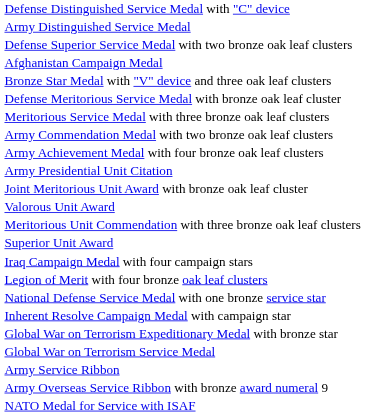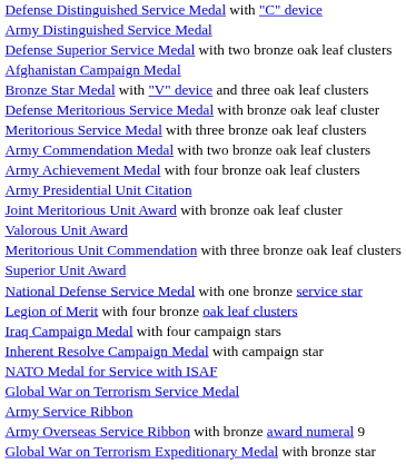 <table>
 <tr>
 <td><span></span> <a href='#'>Defense Distinguished Service Medal</a> with <a href='#'>"C" device</a></td>
 </tr>
 <tr>
 <td> <a href='#'>Army Distinguished Service Medal</a></td>
 </tr>
 <tr>
 <td> <a href='#'>Defense Superior Service Medal</a> with two bronze oak leaf clusters</td>
 </tr>
 <tr>
 <td> <a href='#'>Afghanistan Campaign Medal</a></td>
 </tr>
 <tr>
 <td> <a href='#'>Bronze Star Medal</a> with <a href='#'>"V" device</a> and three oak leaf clusters</td>
 </tr>
 <tr>
 <td> <a href='#'>Defense Meritorious Service Medal</a> with bronze oak leaf cluster</td>
 </tr>
 <tr>
 <td> <a href='#'>Meritorious Service Medal</a> with three bronze oak leaf clusters</td>
 </tr>
 <tr>
 <td> <a href='#'>Army Commendation Medal</a> with two bronze oak leaf clusters</td>
 </tr>
 <tr>
 <td> <a href='#'>Army Achievement Medal</a> with four bronze oak leaf clusters</td>
 </tr>
 <tr>
 <td> <a href='#'>Army Presidential Unit Citation</a></td>
 </tr>
 <tr>
 <td> <a href='#'>Joint Meritorious Unit Award</a> with bronze oak leaf cluster</td>
 </tr>
 <tr>
 <td> <a href='#'>Valorous Unit Award</a></td>
 </tr>
 <tr>
 <td> <a href='#'>Meritorious Unit Commendation</a> with three bronze oak leaf clusters</td>
 </tr>
 <tr>
 <td> <a href='#'>Superior Unit Award</a></td>
 </tr>
 <tr>
-<td> <a href='#'>Iraq Campaign Medal</a> with four campaign stars</td>
+<td> <a href='#'>National Defense Service Medal</a> with one bronze <a href='#'>service star</a></td>
 </tr>
 <tr>
 <td> <a href='#'>Legion of Merit</a> with four bronze <a href='#'>oak leaf clusters</a></td>
 </tr>
 <tr>
-<td> <a href='#'>National Defense Service Medal</a> with one bronze <a href='#'>service star</a></td>
+<td> <a href='#'>Iraq Campaign Medal</a> with four campaign stars</td>
 </tr>
 <tr>
 <td> <a href='#'>Inherent Resolve Campaign Medal</a> with campaign star</td>
 </tr>
 <tr>
-<td> <a href='#'>Global War on Terrorism Expeditionary Medal</a> with bronze star</td>
+<td> <a href='#'>NATO Medal for Service with ISAF</a></td>
 </tr>
 <tr>
 <td> <a href='#'>Global War on Terrorism Service Medal</a></td>
 </tr>
 <tr>
 <td> <a href='#'>Army Service Ribbon</a></td>
 </tr>
 <tr>
 <td><span></span> <a href='#'>Army Overseas Service Ribbon</a> with bronze <a href='#'>award numeral</a> 9</td>
 </tr>
 <tr>
-<td> <a href='#'>NATO Medal for Service with ISAF</a></td>
+<td> <a href='#'>Global War on Terrorism Expeditionary Medal</a> with bronze star</td>
 </tr>
 </table>
